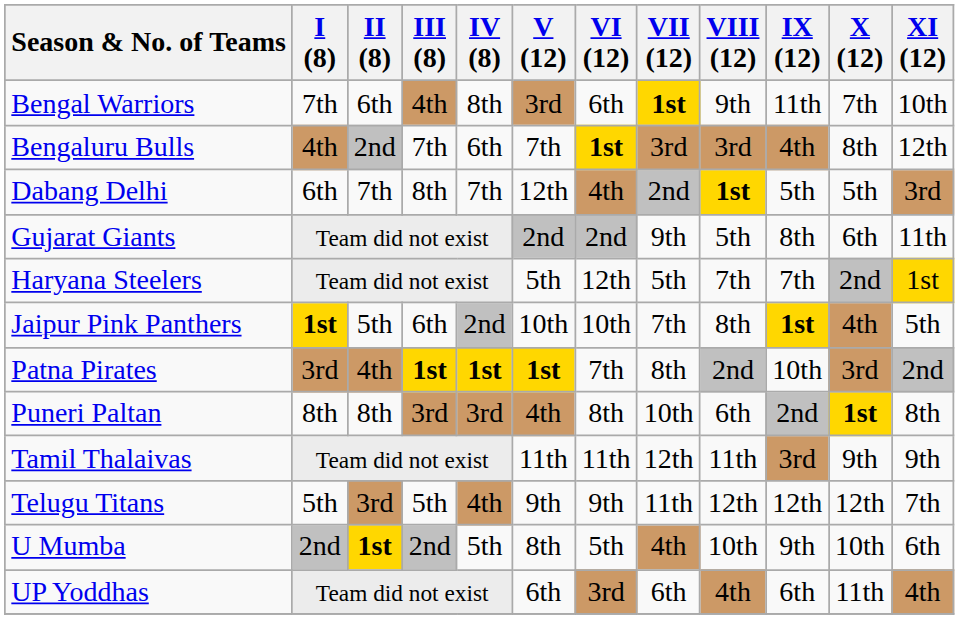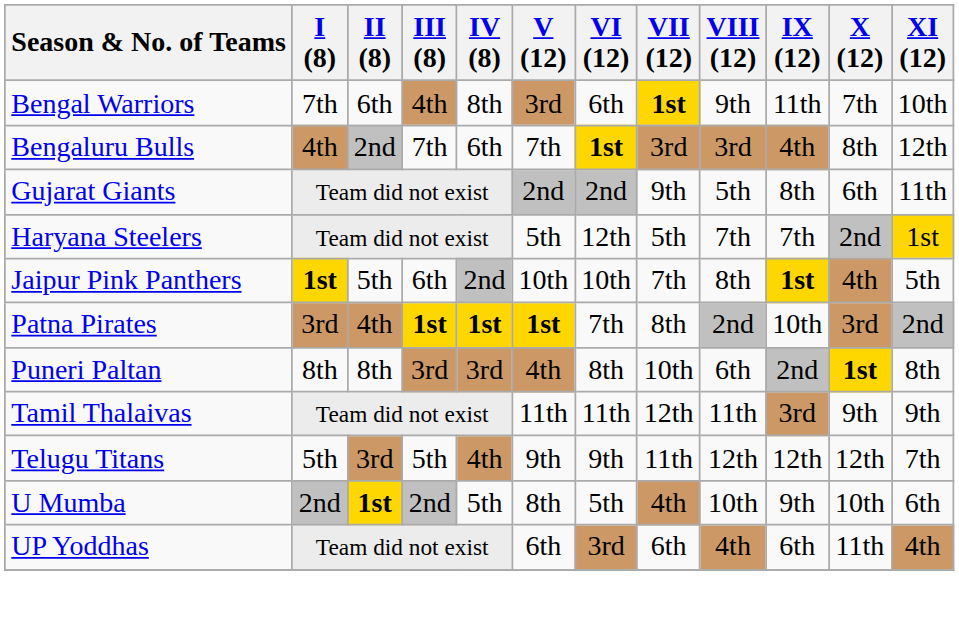 <table class="wikitable sortable" style="text-align: center">
 <tr>
 <th>Season & No. of Teams</th>
 <th><a href='#'>I</a><br>(8)</th>
 <th><a href='#'>II</a><br>(8)</th>
 <th><a href='#'>III</a><br>(8)</th>
 <th><a href='#'>IV</a><br>(8)</th>
 <th><a href='#'>V</a><br>(12)</th>
 <th><a href='#'>VI</a><br>(12)</th>
 <th><a href='#'>VII</a><br>(12)</th>
 <th><a href='#'>VIII</a><br>(12)</th>
 <th><a href='#'>IX</a><br>(12)</th>
 <th><a href='#'>X</a><br>(12)</th>
 <th><a href='#'>XI</a><br>(12)</th>
 </tr>
 <tr>
 <td align=left><a href='#'>Bengal Warriors</a></td>
 <td>7th</td>
 <td>6th</td>
 <td style="background-color: #cc9966">4th</td>
 <td>8th</td>
 <td style="background-color: #cc9966">3rd</td>
 <td>6th</td>
 <td style="background-color: gold"><strong>1st</strong></td>
 <td>9th</td>
 <td>11th</td>
 <td>7th</td>
 <td>10th</td>
 </tr>
 <tr>
 <td align=left><a href='#'>Bengaluru Bulls</a></td>
 <td style="background-color: #cc9966">4th</td>
 <td style="background:silver">2nd</td>
 <td>7th</td>
 <td>6th</td>
 <td>7th</td>
 <td style="background-color: gold"><strong>1st</strong></td>
 <td style="background:#cc9966">3rd</td>
 <td style="background:#cc9966">3rd</td>
 <td style="background-color: #cc9966">4th</td>
 <td>8th</td>
 <td>12th</td>
-</tr>
-<tr>
-<td align=left><a href='#'>Dabang Delhi</a></td>
-<td>6th</td>
-<td>7th</td>
-<td>8th</td>
-<td>7th</td>
-<td>12th</td>
-<td style="background-color: #cc9966">4th</td>
-<td style="background:silver">2nd</td>
-<td style="background-color: gold"><strong>1st</strong></td>
-<td>5th</td>
-<td>5th</td>
-<td style="background-color: #cc9966">3rd</td>
 </tr>
 <tr>
 <td align=left><a href='#'>Gujarat Giants</a></td>
 <td colspan=4 style="background: #ececec;"><small>Team did not exist</small></td>
 <td style="background: silver">2nd</td>
 <td style="background: silver">2nd</td>
 <td>9th</td>
 <td>5th</td>
 <td>8th</td>
 <td>6th</td>
 <td>11th</td>
 </tr>
 <tr>
 <td align=left><a href='#'>Haryana Steelers</a></td>
 <td style="background: #ececec;" colspan=4><small>Team did not exist</small></td>
 <td>5th</td>
 <td>12th</td>
 <td>5th</td>
 <td>7th</td>
 <td>7th</td>
 <td style="background: silver">2nd</td>
 <td style="background-color: gold">1st</td>
 </tr>
 <tr>
 <td align=left><a href='#'>Jaipur Pink Panthers</a></td>
 <td style="background-color: gold"><strong>1st</strong></td>
 <td>5th</td>
 <td>6th</td>
 <td style="background: silver">2nd</td>
 <td>10th</td>
 <td>10th</td>
 <td>7th</td>
 <td>8th</td>
 <td style="background-color: gold"><strong>1st</strong></td>
 <td style="background-color: #cc9966">4th</td>
 <td>5th</td>
 </tr>
 <tr>
 <td align=left><a href='#'>Patna Pirates</a></td>
 <td style="background-color: #cc9966">3rd</td>
 <td style="background-color: #cc9966">4th</td>
 <td style="background-color: gold"><strong>1st</strong></td>
 <td style="background-color: gold"><strong>1st</strong></td>
 <td style="background-color: gold"><strong>1st</strong></td>
 <td>7th</td>
 <td>8th</td>
 <td style="background: silver">2nd</td>
 <td>10th</td>
 <td style="background-color: #cc9966">3rd</td>
 <td style="background: silver">2nd</td>
 </tr>
 <tr>
 <td align=left><a href='#'>Puneri Paltan</a></td>
 <td>8th</td>
 <td>8th</td>
 <td style="background-color: #cc9966">3rd</td>
 <td style="background-color: #cc9966">3rd</td>
 <td style="background-color: #cc9966">4th</td>
 <td>8th</td>
 <td>10th</td>
 <td>6th</td>
 <td style="background: silver">2nd</td>
 <td style="background-color: gold"><strong>1st</strong></td>
 <td>8th</td>
 </tr>
 <tr>
 <td align=left><a href='#'>Tamil Thalaivas</a></td>
 <td style="background: #ececec;" colspan=4><small>Team did not exist</small></td>
 <td>11th</td>
 <td>11th</td>
 <td>12th</td>
 <td>11th</td>
 <td style="background-color: #cc9966">3rd</td>
 <td>9th</td>
 <td>9th</td>
 </tr>
 <tr>
 <td align=left><a href='#'>Telugu Titans</a></td>
 <td>5th</td>
 <td style="background:#cc9966">3rd</td>
 <td>5th</td>
 <td style="background:#cc9966">4th</td>
 <td>9th</td>
 <td>9th</td>
 <td>11th</td>
 <td>12th</td>
 <td>12th</td>
 <td>12th</td>
 <td>7th</td>
 </tr>
 <tr>
 <td align=left><a href='#'>U Mumba</a></td>
 <td style="background: silver">2nd</td>
 <td style="background-color: gold"><strong>1st</strong></td>
 <td style="background: silver">2nd</td>
 <td>5th</td>
 <td>8th</td>
 <td>5th</td>
 <td style="background:#cc9966">4th</td>
 <td>10th</td>
 <td>9th</td>
 <td>10th</td>
 <td>6th</td>
 </tr>
 <tr>
 <td align=left><a href='#'>UP Yoddhas</a></td>
 <td style="background: #ececec;" colspan=4><small>Team did not exist</small></td>
 <td>6th</td>
 <td style="background-color: #cc9966">3rd</td>
 <td>6th</td>
 <td style="background:#cc9966">4th</td>
 <td>6th</td>
 <td>11th</td>
 <td style="background-color: #cc9966">4th</td>
 </tr>
 <tr>
 </tr>
 <tr class=sortbottom>
 </tr>
 </table>
